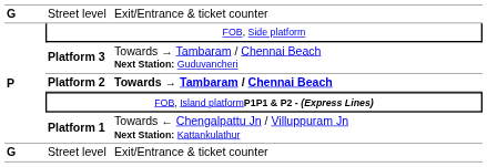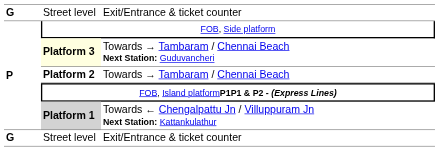 <table cellpadding="3" cellspacing="0" border="0">
 <tr>
 <td valign="top" width="30" style="border-top:solid 1px gray;border-bottom:solid 1px gray;"><strong>G</strong></td>
 <td valign="top" width="85" style="border-top:solid 1px gray;border-bottom:solid 1px gray;">Street level</td>
 <td valign="top" width="500" style="border-top:solid 1px gray;border-bottom:solid 1px gray;">Exit/Entrance & ticket counter</td>
 </tr>
 <tr>
 <td rowspan="5" style="border-bottom:solid 1px gray;" width="50" valign="center"><strong>P</strong></td>
 <td colspan="2" style="border-right:solid 2px black;border-left:solid 2px black;border-bottom:solid 2px black;text-align:center;"><a href='#'><small>FOB</small></a><small>, <a href='#'>Side platform</a></small></td>
 </tr>
 <tr>
-<td width="85" style="border-bottom:solid 1px gray;"><span><strong>Platform 3</strong></span></td>
+<td width="85" style="background: lightyellow; border-bottom:solid 1px gray;"><span><strong>Platform 3</strong></span></td>
 <td width="500" style="border-bottom:solid 1px gray;">Towards → <a href='#'>Tambaram</a> / <a href='#'>Chennai Beach</a><br><small><strong>Next Station:</strong> <a href='#'>Guduvancheri</a></small></td>
 </tr>
 <tr>
 <td width="85" style="border-bottom:solid 1px gray;"><span><strong>Platform 2</strong></span></td>
-<td width="500" style="border-bottom:solid 1px gray;"><strong>Towards → <a href='#'>Tambaram</a> / <a href='#'>Chennai Beach</a></strong></td>
+<td width="500" style="border-bottom:solid 1px gray;">Towards → <a href='#'>Tambaram</a> / <a href='#'>Chennai Beach</a></td>
 </tr>
 <tr>
 <td colspan="2" style="border-top:solid 2px black;border-right:solid 2px black;border-left:solid 2px black;border-bottom:solid 2px black;text-align:center;"><a href='#'><small>FOB</small></a><small>, <a href='#'>Island platform</a><strong>P1</strong><strong>P1 & P2 -</strong> <strong><em>(Express Lines)</em></strong></small></td>
 </tr>
 <tr>
-<td width="85" style="border-bottom:solid 1px gray;"><span><strong>Platform 1</strong></span></td>
+<td width="85" style="background: lightgrey; border-bottom:solid 1px gray;"><span><strong>Platform 1</strong></span></td>
 <td style="border-bottom:solid 1px gray;" width="500">Towards ← <a href='#'>Chengalpattu Jn</a> / <a href='#'>Villuppuram Jn</a><br><small><strong>Next Station:</strong> <a href='#'>Kattankulathur</a></small></td>
 </tr>
 <tr>
 <td style="border-bottom:solid 1px gray;" width="50" valign="top"><strong>G</strong></td>
 <td style="border-bottom:solid 1px gray;" width="50" valign="top">Street level</td>
 <td style="border-bottom:solid 1px gray;" width="50" valign="top">Exit/Entrance & ticket counter</td>
 </tr>
 <tr>
 </tr>
 </table>
